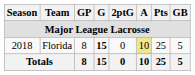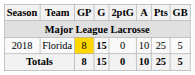 <table class="wikitable" style="text-align:center">
 <tr>
 <th>Season</th>
 <th>Team</th>
 <th>GP</th>
 <th>G</th>
 <th>2ptG</th>
 <th>A</th>
 <th>Pts</th>
 <th>GB</th>
 </tr>
 <tr bgcolor=#e0e0e0>
 <td align="center" colspan="8" style="color:black; text-align:center"><strong>Major League Lacrosse</strong></td>
 </tr>
 <tr>
 <td>2018</td>
 <td>Florida</td>
-<td>8</td>
+<td style="background: gold;">8</td>
 <td><strong>15</strong></td>
 <td>0</td>
-<td style="background: khaki;">10</td>
+<td>10</td>
 <td>25</td>
 <td>5</td>
 </tr>
 <tr bgcolor="#e0e0e0" align="center">
 <th colspan="2">Totals</th>
 <th>8</th>
 <th>15</th>
 <th>0</th>
 <th>10</th>
 <th>25</th>
 <th>5</th>
 </tr>
 </table>
